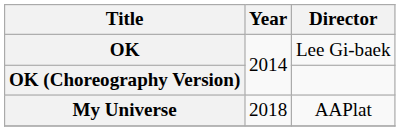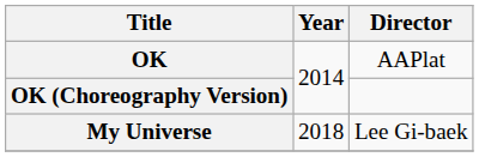 <table class="wikitable plainrowheaders" style="text-align:center">
 <tr>
 <th scope="col">Title</th>
 <th scope="col">Year</th>
 <th scope="col">Director</th>
 </tr>
 <tr>
 <th scope="row">OK</th>
 <td rowspan="2">2014</td>
-<td>Lee Gi-baek</td>
+<td>AAPlat</td>
 </tr>
 <tr>
 <th scope="row">OK <span>(Choreography Version)</span></th>
 <td></td>
 </tr>
 <tr>
 <th scope="row">My Universe</th>
 <td rowspan="1">2018</td>
-<td>AAPlat</td>
+<td>Lee Gi-baek</td>
 </tr>
 <tr>
 </tr>
 </table>
